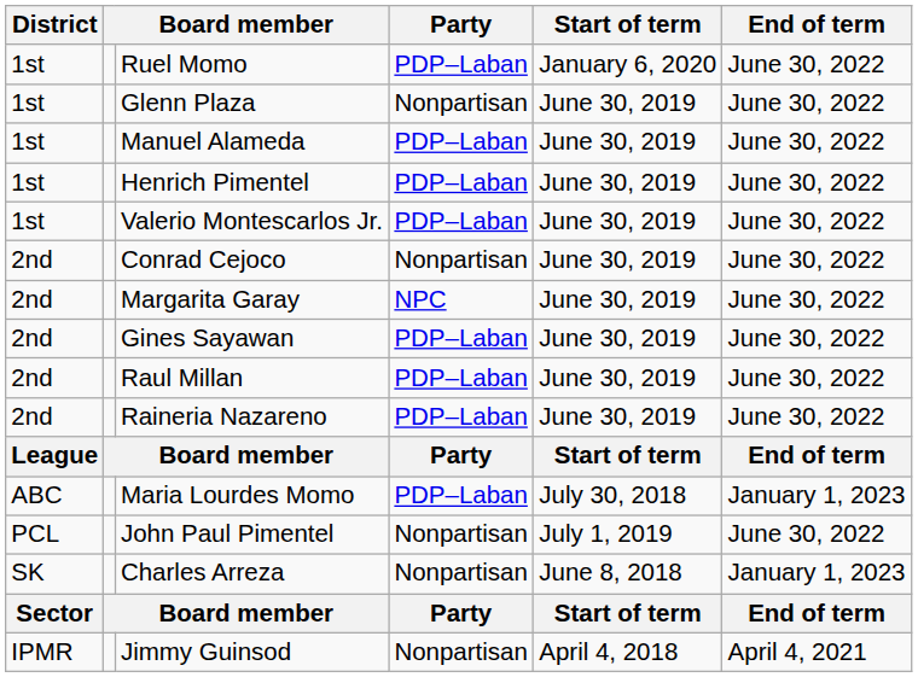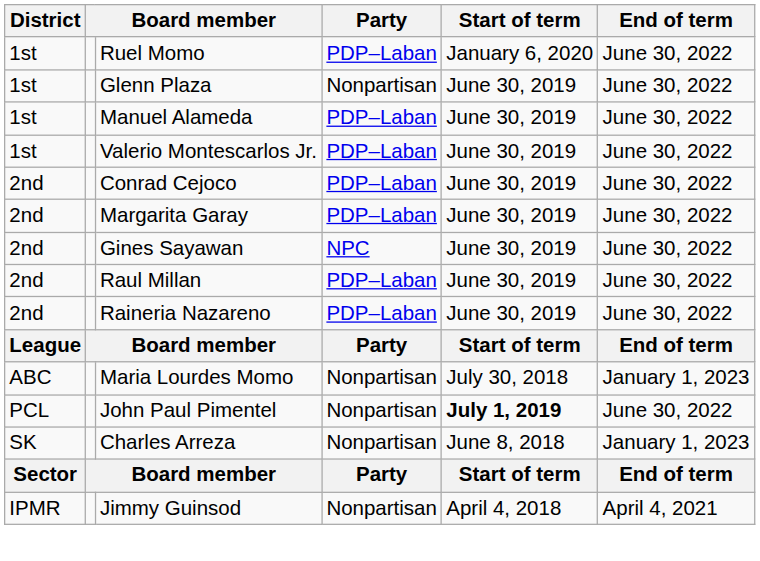 <table class="wikitable">
 <tr>
 <th>District</th>
 <th colspan="2">Board member</th>
 <th>Party</th>
 <th>Start of term</th>
 <th>End of term</th>
 </tr>
 <tr>
 <td>1st</td>
 <td></td>
 <td>Ruel Momo</td>
 <td><a href='#'>PDP–Laban</a></td>
 <td>January 6, 2020</td>
 <td>June 30, 2022</td>
 </tr>
 <tr>
 <td>1st</td>
 <td></td>
 <td>Glenn Plaza</td>
 <td>Nonpartisan</td>
 <td>June 30, 2019</td>
 <td>June 30, 2022</td>
 </tr>
 <tr>
 <td>1st</td>
 <td></td>
 <td>Manuel Alameda</td>
 <td><a href='#'>PDP–Laban</a></td>
 <td>June 30, 2019</td>
 <td>June 30, 2022</td>
 </tr>
 <tr>
 <td>1st</td>
 <td></td>
-<td>Henrich Pimentel</td>
-<td><a href='#'>PDP–Laban</a></td>
-<td>June 30, 2019</td>
-<td>June 30, 2022</td>
-</tr>
-<tr>
-<td>1st</td>
-<td></td>
 <td>Valerio Montescarlos Jr.</td>
 <td><a href='#'>PDP–Laban</a></td>
 <td>June 30, 2019</td>
 <td>June 30, 2022</td>
 </tr>
 <tr>
 <td>2nd</td>
 <td></td>
 <td>Conrad Cejoco</td>
-<td>Nonpartisan</td>
+<td><a href='#'>PDP–Laban</a></td>
 <td>June 30, 2019</td>
 <td>June 30, 2022</td>
 </tr>
 <tr>
 <td>2nd</td>
 <td></td>
 <td>Margarita Garay</td>
-<td><a href='#'>NPC</a></td>
+<td><a href='#'>PDP–Laban</a></td>
 <td>June 30, 2019</td>
 <td>June 30, 2022</td>
 </tr>
 <tr>
 <td>2nd</td>
 <td></td>
 <td>Gines Sayawan</td>
-<td><a href='#'>PDP–Laban</a></td>
+<td><a href='#'>NPC</a></td>
 <td>June 30, 2019</td>
 <td>June 30, 2022</td>
 </tr>
 <tr>
 <td>2nd</td>
 <td></td>
 <td>Raul Millan</td>
 <td><a href='#'>PDP–Laban</a></td>
 <td>June 30, 2019</td>
 <td>June 30, 2022</td>
 </tr>
 <tr>
 <td>2nd</td>
 <td></td>
 <td>Raineria Nazareno</td>
 <td><a href='#'>PDP–Laban</a></td>
 <td>June 30, 2019</td>
 <td>June 30, 2022</td>
 </tr>
 <tr>
 <th>League</th>
 <th colspan="2">Board member</th>
 <th>Party</th>
 <th>Start of term</th>
 <th>End of term</th>
 </tr>
 <tr>
 <td>ABC</td>
 <td></td>
 <td>Maria Lourdes Momo</td>
-<td><a href='#'>PDP–Laban</a></td>
+<td>Nonpartisan</td>
 <td>July 30, 2018</td>
 <td>January 1, 2023</td>
 </tr>
 <tr>
 <td>PCL</td>
 <td></td>
 <td>John Paul Pimentel</td>
 <td>Nonpartisan</td>
-<td>July 1, 2019</td>
+<td><strong>July 1, 2019</strong></td>
 <td>June 30, 2022</td>
 </tr>
 <tr>
 <td>SK</td>
 <td></td>
 <td>Charles Arreza</td>
 <td>Nonpartisan</td>
 <td>June 8, 2018</td>
 <td>January 1, 2023</td>
 </tr>
 <tr>
 <th>Sector</th>
 <th colspan="2">Board member</th>
 <th>Party</th>
 <th>Start of term</th>
 <th>End of term</th>
 </tr>
 <tr>
 <td>IPMR</td>
 <td></td>
 <td>Jimmy Guinsod</td>
 <td>Nonpartisan</td>
 <td>April 4, 2018</td>
 <td>April 4, 2021</td>
 </tr>
 </table>
